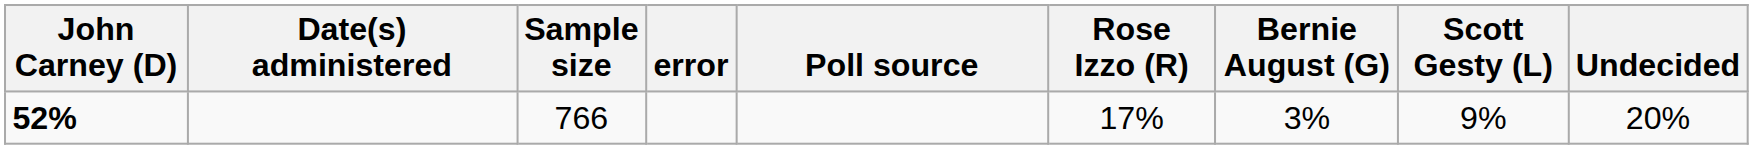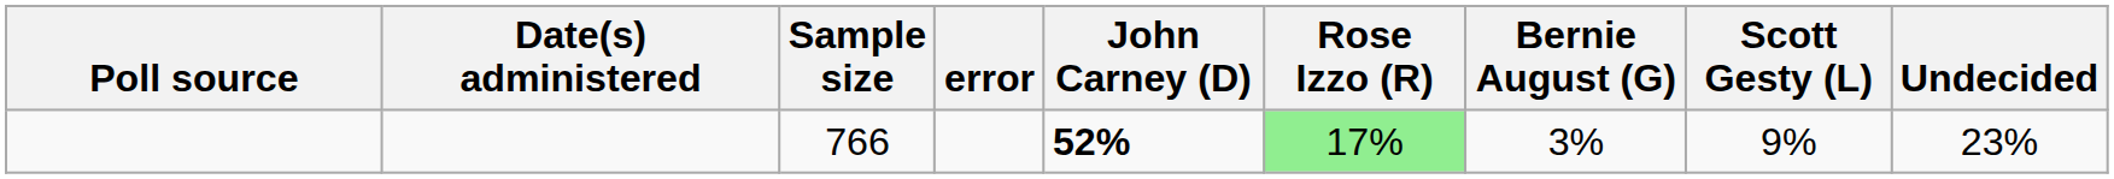 <table class="wikitable">
 <tr valign= bottom>
-<th style="width:90px;">John<br>Carney (D)</th>
+<th style="width:170px;">Poll source</th>
 <th style="width:170px;">Date(s)<br>administered</th>
 <th class=small>Sample<br>size</th>
 <th class=small><small></small><br>error</th>
-<th style="width:170px;">Poll source</th>
+<th style="width:90px;">John<br>Carney (D)</th>
 <th style="width:85px;">Rose<br>Izzo (R)</th>
 <th style="width:90px;">Bernie<br>August (G)</th>
 <th style="width:85px;">Scott<br>Gesty (L)</th>
 <th>Undecided</th>
 </tr>
 <tr>
-<td><strong>52%</strong></td>
+<td></td>
 <td align=center></td>
 <td align=center>766</td>
 <td align=center></td>
-<td></td>
-<td align=center>17%</td>
+<td><strong>52%</strong></td>
+<td align=center style="background: lightgreen;">17%</td>
 <td align=center>3%</td>
 <td align=center>9%</td>
-<td align=center>20%</td>
+<td align=center>23%</td>
 </tr>
 </table>
